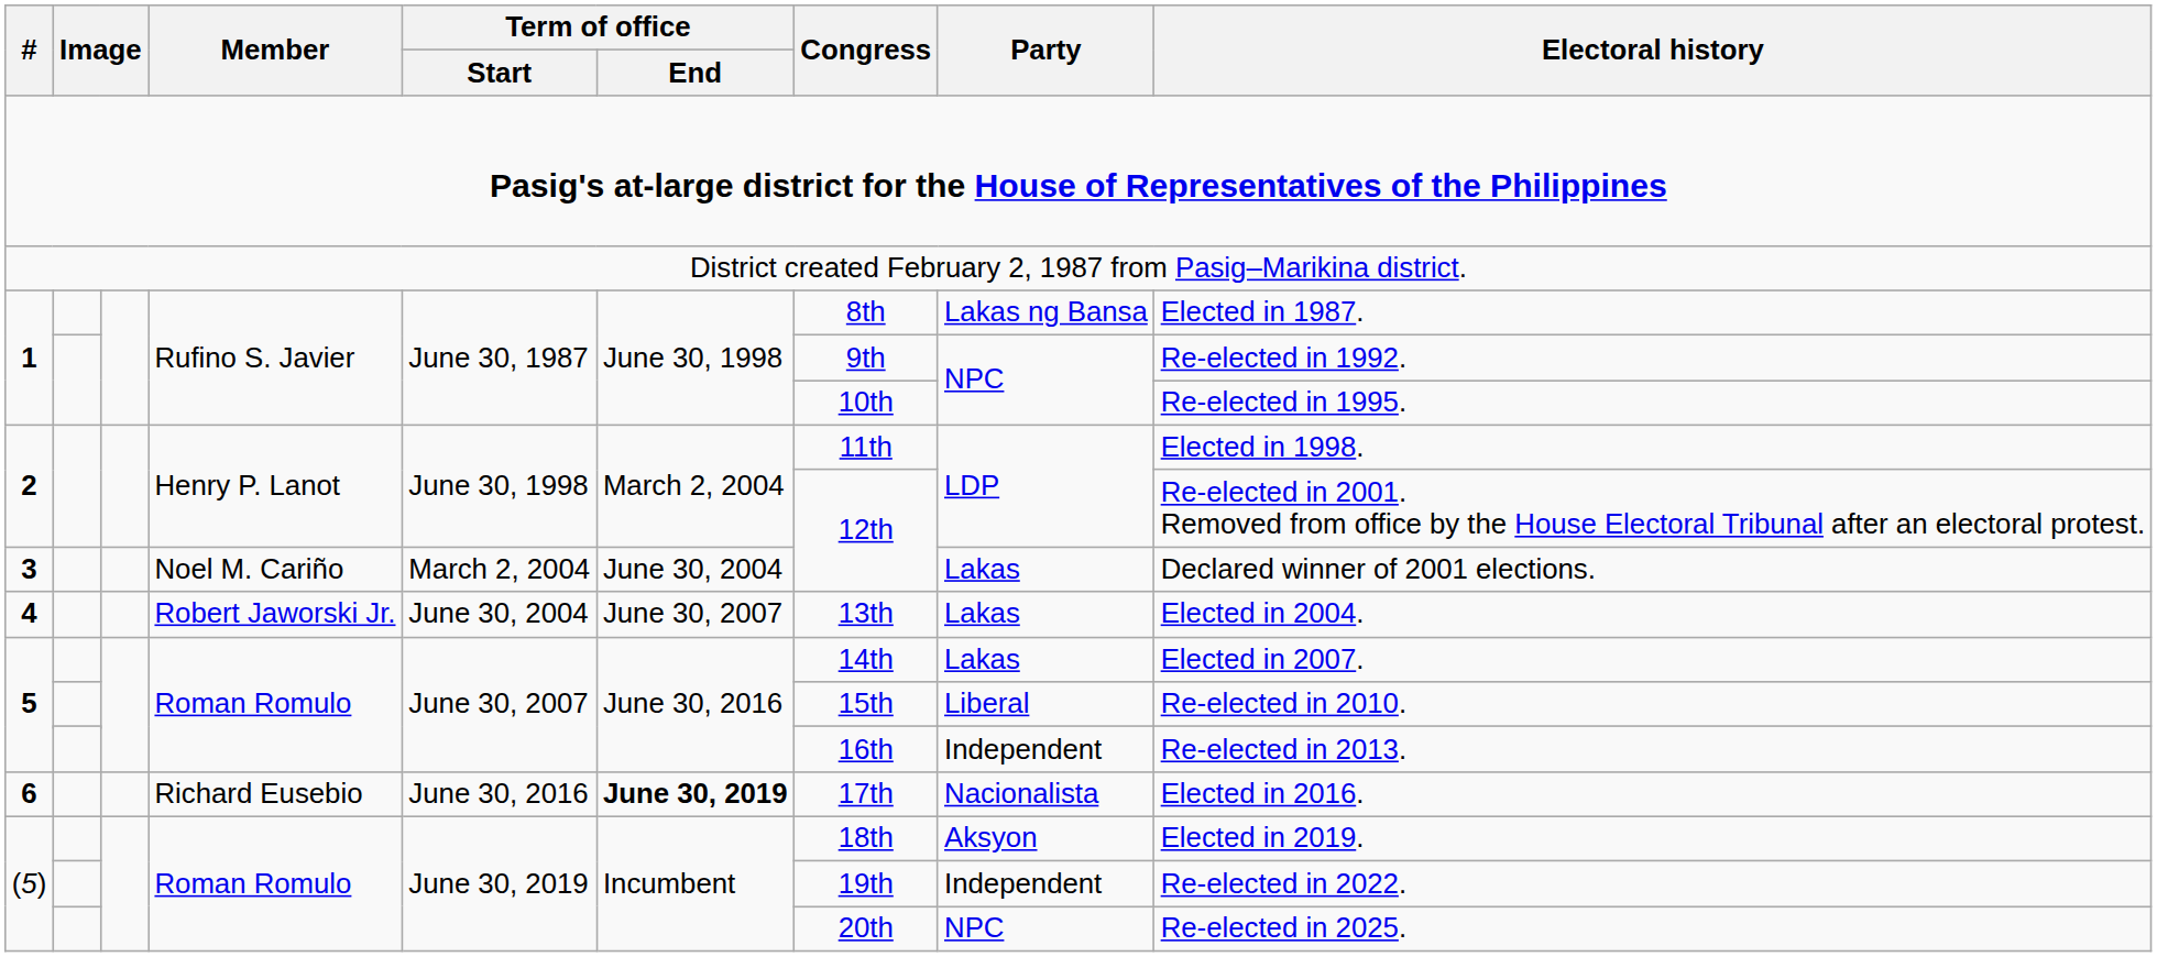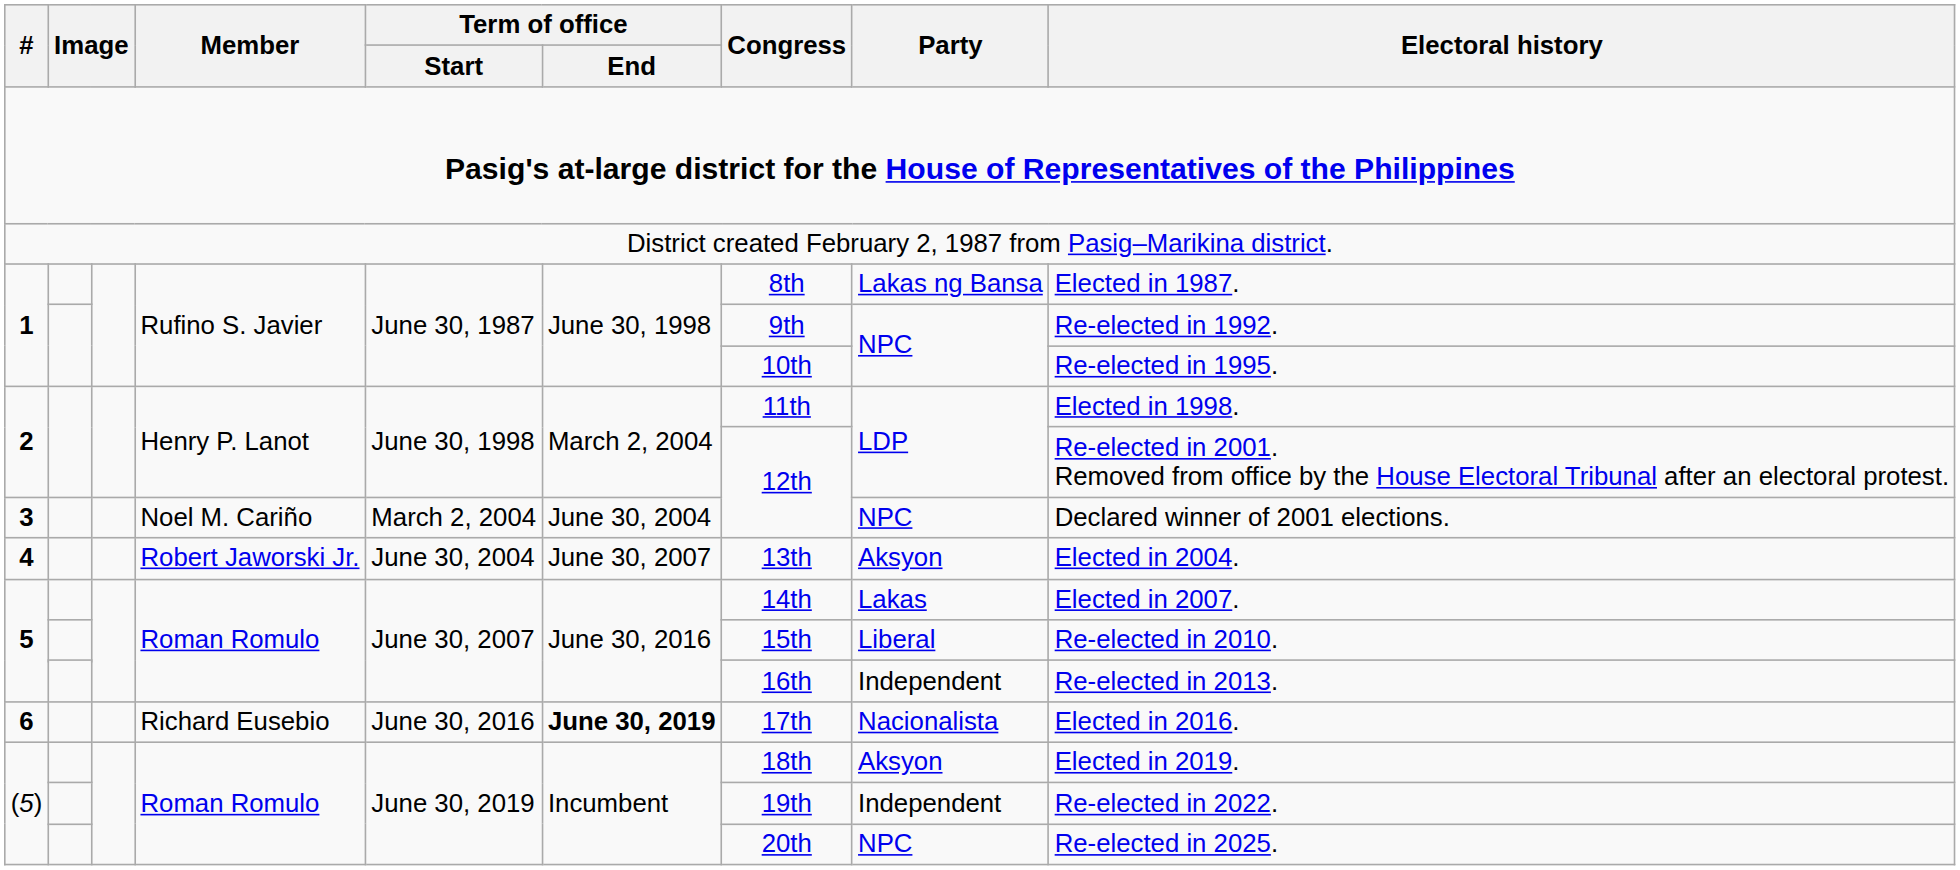 <table class=wikitable>
 <tr>
 <th rowspan="2">#</th>
 <th rowspan="2" colspan=2>Image</th>
 <th rowspan="2">Member</th>
 <th colspan=2>Term of office</th>
 <th rowspan="2">Congress</th>
 <th rowspan="2">Party</th>
 <th rowspan="2">Electoral history</th>
 </tr>
 <tr>
 <th>Start</th>
 <th>End</th>
 </tr>
 <tr>
 <td colspan="9" style="text-align:center;"><br><h3>Pasig's at-large district for the <a href='#'>House of Representatives of the Philippines</a></h3></td>
 </tr>
 <tr>
 <td colspan="9" style="text-align:center;">District created February 2, 1987 from <a href='#'>Pasig–Marikina district</a>.</td>
 </tr>
 <tr>
 <td rowspan="3" style="text-align:center;"><strong>1</strong></td>
 <td style="color:inherit;background:"></td>
 <td rowspan="3"></td>
 <td rowspan="3">Rufino S. Javier</td>
 <td rowspan="3">June 30, 1987</td>
 <td rowspan="3">June 30, 1998</td>
 <td style="text-align:center;"><a href='#'>8th</a></td>
 <td><a href='#'>Lakas ng Bansa</a></td>
 <td><a href='#'>Elected in 1987</a>.</td>
 </tr>
 <tr>
 <td rowspan="2" style="color:inherit;background:"></td>
 <td style="text-align:center;"><a href='#'>9th</a></td>
 <td rowspan="2"><a href='#'>NPC</a></td>
 <td><a href='#'>Re-elected in 1992</a>.</td>
 </tr>
 <tr>
 <td style="text-align:center;"><a href='#'>10th</a></td>
 <td><a href='#'>Re-elected in 1995</a>.</td>
 </tr>
 <tr>
 <td rowspan="2" style="text-align:center;"><strong>2</strong></td>
 <td rowspan="2" style="color:inherit;background:"></td>
 <td rowspan="2"></td>
 <td rowspan="2">Henry P. Lanot</td>
 <td rowspan="2">June 30, 1998</td>
 <td rowspan="2">March 2, 2004</td>
 <td style="text-align:center;"><a href='#'>11th</a></td>
 <td rowspan="2"><a href='#'>LDP</a></td>
 <td><a href='#'>Elected in 1998</a>.</td>
 </tr>
 <tr>
 <td rowspan="2" style="text-align:center;"><a href='#'>12th</a></td>
 <td><a href='#'>Re-elected in 2001</a>.<br>Removed from office by the <a href='#'>House Electoral Tribunal</a> after an electoral protest.</td>
 </tr>
 <tr>
 <td style="text-align:center;"><strong>3</strong></td>
 <td style="color:inherit;background:"></td>
 <td></td>
 <td>Noel M. Cariño</td>
 <td>March 2, 2004</td>
 <td>June 30, 2004</td>
-<td><a href='#'>Lakas</a></td>
+<td><a href='#'>NPC</a></td>
 <td>Declared winner of 2001 elections.</td>
 </tr>
 <tr>
 <td style="text-align:center;"><strong>4</strong></td>
 <td style="color:inherit;background:"></td>
 <td></td>
 <td><a href='#'>Robert Jaworski Jr.</a></td>
 <td>June 30, 2004</td>
 <td>June 30, 2007</td>
 <td style="text-align:center;"><a href='#'>13th</a></td>
-<td><a href='#'>Lakas</a></td>
+<td><a href='#'>Aksyon</a></td>
 <td><a href='#'>Elected in 2004</a>.</td>
 </tr>
 <tr>
 <td rowspan="4" style="text-align:center;"><strong>5</strong></td>
 <td style="color:inherit;background:"></td>
 <td rowspan="4"></td>
 <td rowspan="4"><a href='#'>Roman Romulo</a></td>
 <td rowspan="4">June 30, 2007</td>
 <td rowspan="4">June 30, 2016</td>
 <td style="text-align:center;"><a href='#'>14th</a></td>
 <td><a href='#'>Lakas</a></td>
 <td><a href='#'>Elected in 2007</a>.</td>
 </tr>
 <tr>
 <td rowspan="2" style="color:inherit;background:"></td>
 <td style="text-align:center;"><a href='#'>15th</a></td>
 <td rowspan="2"><a href='#'>Liberal</a></td>
 <td><a href='#'>Re-elected in 2010</a>.</td>
 </tr>
 <tr>
 <td rowspan="2" style="text-align:center;"><a href='#'>16th</a></td>
 <td rowspan="2"><a href='#'>Re-elected in 2013</a>.</td>
 </tr>
 <tr>
 <td style="color:inherit;background:"></td>
 <td>Independent</td>
 </tr>
 <tr>
 <td style="text-align:center;"><strong>6</strong></td>
 <td style="color:inherit;background:"></td>
 <td></td>
 <td>Richard Eusebio</td>
 <td>June 30, 2016</td>
 <td><strong>June 30, 2019</strong></td>
 <td style="text-align:center;"><a href='#'>17th</a></td>
 <td><a href='#'>Nacionalista</a></td>
 <td><a href='#'>Elected in 2016</a>.</td>
 </tr>
 <tr>
 <td rowspan="3" style="text-align:center;">(<em>5</em>)</td>
 <td style="color:inherit;background:"></td>
 <td rowspan="3"></td>
 <td rowspan="3"><a href='#'>Roman Romulo</a></td>
 <td rowspan="3">June 30, 2019</td>
 <td rowspan="3">Incumbent</td>
 <td style="text-align:center;"><a href='#'>18th</a></td>
 <td><a href='#'>Aksyon</a></td>
 <td><a href='#'>Elected in 2019</a>.</td>
 </tr>
 <tr>
 <td style="color:inherit;background:"></td>
 <td style="text-align:center;"><a href='#'>19th</a></td>
 <td>Independent</td>
 <td><a href='#'>Re-elected in 2022</a>.</td>
 </tr>
 <tr>
 <td style="color:inherit;background:"></td>
 <td style="text-align:center;"><a href='#'>20th</a></td>
 <td><a href='#'>NPC</a></td>
 <td><a href='#'>Re-elected in 2025</a>.</td>
 </tr>
 </table>
